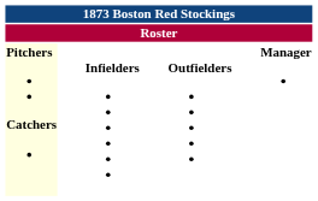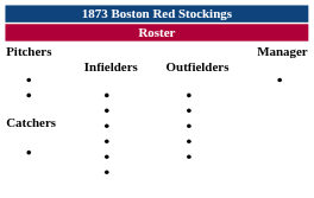 <table class="toccolours" style="font-size: 95%;">
 <tr>
 <th colspan="10" style="background-color: #0f437c; color: #FFFFFF; text-align: center;">1873 Boston Red Stockings</th>
 </tr>
 <tr>
 <td colspan="10" style="background-color:#af0039; color: white; text-align: center;"><strong>Roster</strong></td>
 </tr>
 <tr>
-<td valign="top" style="background: lightyellow;"><strong>Pitchers</strong><br><ul><li></li><li></li></ul><strong>Catchers</strong><ul><li></li></ul></td>
+<td valign="top"><strong>Pitchers</strong><br><ul><li></li><li></li></ul><strong>Catchers</strong><ul><li></li></ul></td>
 <td width="25px"></td>
 <td valign="top"><br><strong>Infielders</strong><ul><li></li><li></li><li></li><li></li><li></li><li></li></ul></td>
 <td width="25px"></td>
 <td valign="top"><br><strong>Outfielders</strong><ul><li></li><li></li><li></li><li></li><li></li></ul></td>
 <td width="25px"></td>
 <td valign="top"><strong>Manager</strong><br><ul><li></li></ul></td>
 </tr>
 </table>
